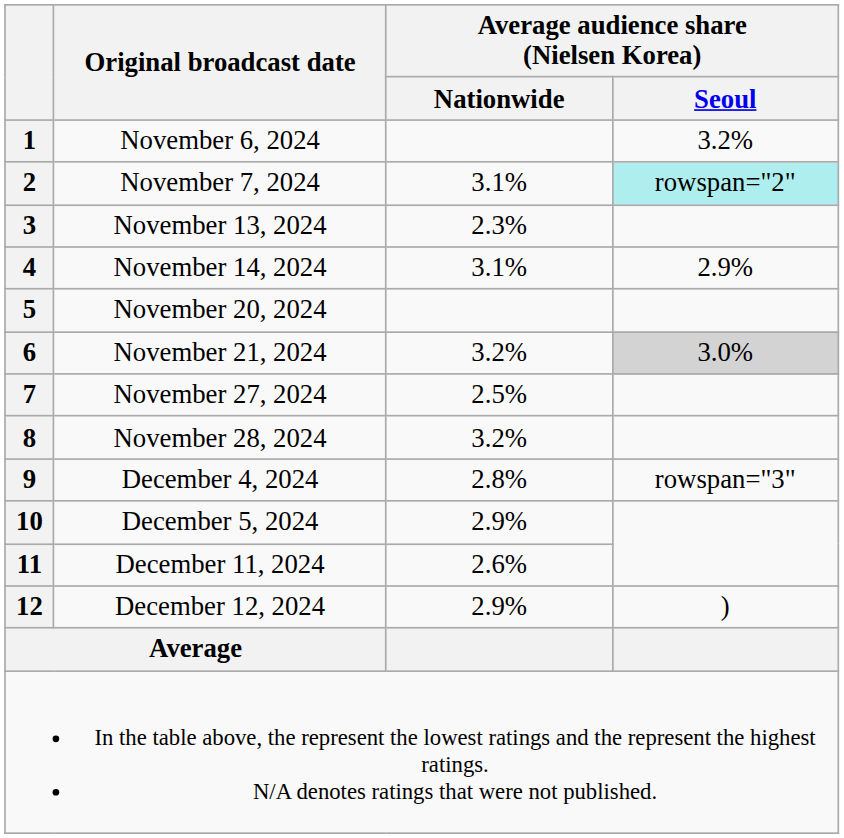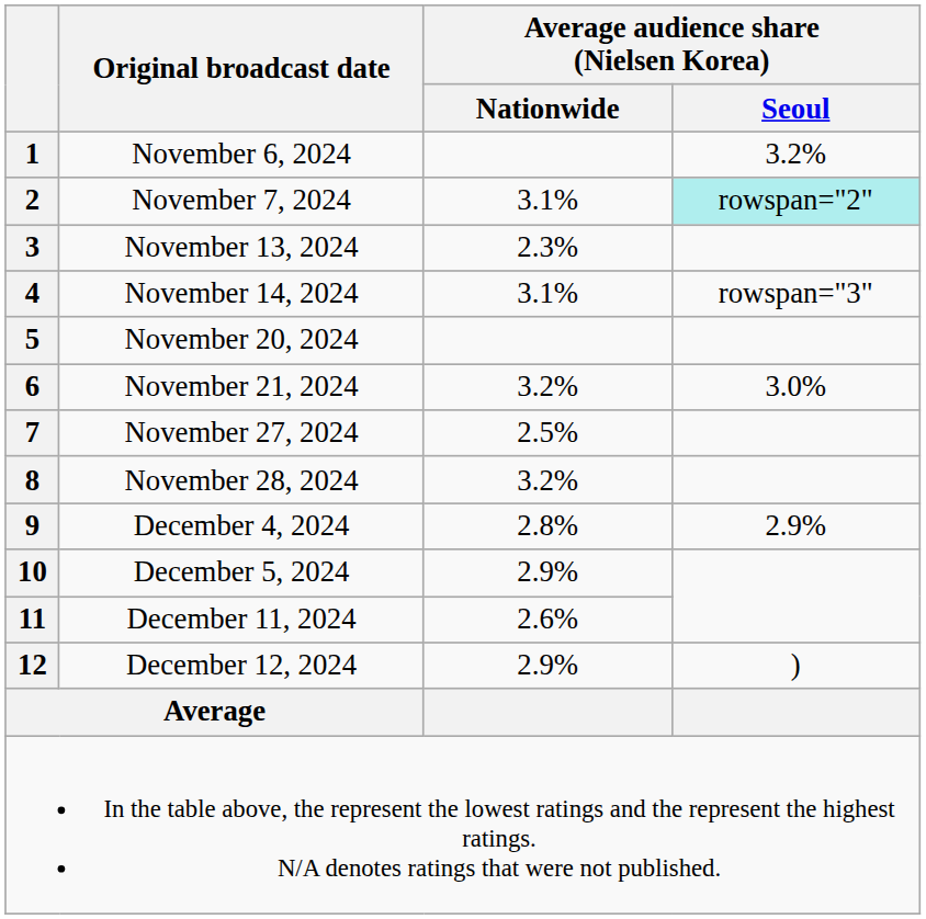 <table class="wikitable" style="margin-left:auto; margin-right:auto; width:500px; text-align:center">
 <tr>
 <th scope="col" rowspan="2"></th>
 <th scope="col" rowspan="2">Original broadcast date</th>
 <th scope="col" colspan="2">Average audience share<br>(Nielsen Korea)</th>
 </tr>
 <tr>
 <th scope="col" style="width:8em">Nationwide</th>
 <th scope="col" style="width:8em"><a href='#'>Seoul</a></th>
 </tr>
 <tr>
 <th scope="row">1</th>
 <td>November 6, 2024</td>
 <td><strong></strong> </td>
 <td>3.2% </td>
 </tr>
 <tr>
 <th scope="row">2</th>
 <td>November 7, 2024</td>
 <td>3.1% </td>
 <td style="background: paleturquoise;">rowspan="2" </td>
 </tr>
 <tr>
 <th scope="row">3</th>
 <td>November 13, 2024</td>
 <td>2.3% </td>
 </tr>
 <tr>
 <th scope="row">4</th>
 <td>November 14, 2024</td>
 <td>3.1% </td>
-<td>2.9% </td>
+<td>rowspan="3" </td>
 </tr>
 <tr>
 <th scope="col">5</th>
 <td>November 20, 2024</td>
 <td><strong></strong> </td>
 <td></td>
 </tr>
 <tr>
 <th scope="row">6</th>
 <td>November 21, 2024</td>
 <td>3.2% </td>
-<td style="background: lightgrey;">3.0% </td>
+<td>3.0% </td>
 </tr>
 <tr>
 <th scope="row">7</th>
 <td>November 27, 2024</td>
 <td>2.5% </td>
 <td></td>
 </tr>
 <tr>
 <th scope="row">8</th>
 <td>November 28, 2024</td>
 <td>3.2% </td>
 <td><strong></strong> </td>
 </tr>
 <tr>
 <th scope="row">9</th>
 <td>December 4, 2024</td>
 <td>2.8% </td>
-<td>rowspan="3" </td>
+<td>2.9% </td>
 </tr>
 <tr>
 <th scope="row">10</th>
 <td>December 5, 2024</td>
 <td>2.9% </td>
 </tr>
 <tr>
 <th scope="row">11</th>
 <td>December 11, 2024</td>
 <td>2.6% </td>
 </tr>
 <tr>
 <th scope="row">12</th>
 <td>December 12, 2024</td>
 <td>2.9% </td>
 <td><strong></strong> )</td>
 </tr>
 <tr>
 <th scope="col" colspan="2">Average</th>
 <th scope="col"></th>
 <th scope="col"></th>
 </tr>
 <tr>
 <td colspan="5" style="font-size:85%"><br><ul><li>In the table above, the <strong></strong> represent the lowest ratings and the <strong></strong> represent the highest ratings.</li><li>N/A denotes ratings that were not published.</li></ul></td>
 </tr>
 </table>
